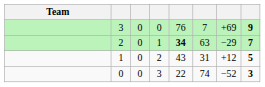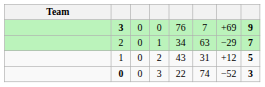 <table class="wikitable" style="text-align:center;">
 <tr>
 <th style="width:10.5em;">Team</th>
 <th style="width:1.5em;"></th>
 <th style="width:1.5em;"></th>
 <th style="width:1.5em;"></th>
 <th style="width:2.0em;"></th>
 <th style="width:2.0em;"></th>
 <th style="width:2.0em;"></th>
 <th style="width:1.5em;"></th>
 </tr>
 <tr bgcolor=#BBF3BB>
 <td align="left"></td>
-<td>3</td>
+<td><strong>3</strong></td>
 <td>0</td>
 <td>0</td>
 <td>76</td>
 <td>7</td>
 <td>+69</td>
 <td><strong>9</strong></td>
 </tr>
 <tr bgcolor=#BBF3BB>
 <td align="left"></td>
 <td>2</td>
 <td>0</td>
 <td>1</td>
-<td><strong>34</strong></td>
+<td>34</td>
 <td>63</td>
 <td>−29</td>
 <td><strong>7</strong></td>
 </tr>
 <tr>
 <td align="left"></td>
 <td>1</td>
 <td>0</td>
 <td>2</td>
 <td>43</td>
 <td>31</td>
 <td>+12</td>
 <td><strong>5</strong></td>
 </tr>
 <tr>
 <td align="left"></td>
-<td>0</td>
+<td><strong>0</strong></td>
 <td>0</td>
 <td>3</td>
 <td>22</td>
 <td>74</td>
 <td>−52</td>
 <td><strong>3</strong></td>
 </tr>
 </table>
